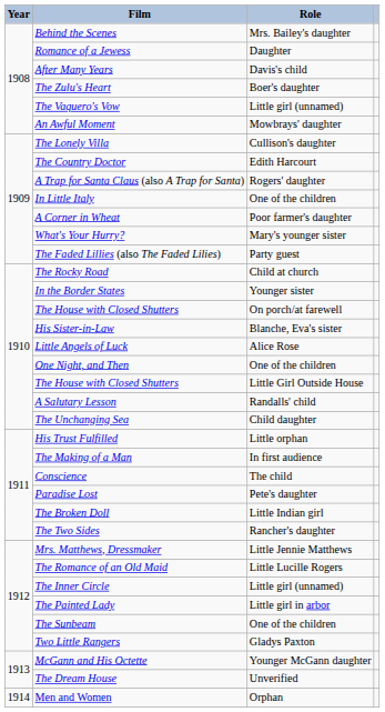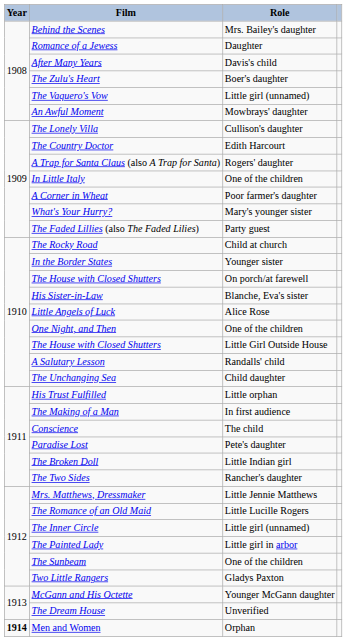 <table class="wikitable" style="font-size:90%;">
 <tr>
 <th style="background:#B0C4DE;">Year</th>
 <th style="background:#B0C4DE;">Film</th>
 <th style="background:#B0C4DE;">Role</th>
 <th style="background:#B0C4DE;"></th>
 </tr>
 <tr>
 <td rowspan=6>1908</td>
 <td><em><a href='#'>Behind the Scenes</a></em></td>
 <td>Mrs. Bailey's daughter</td>
 <td></td>
 </tr>
 <tr>
 <td><em><a href='#'>Romance of a Jewess</a></em></td>
 <td>Daughter</td>
 <td></td>
 </tr>
 <tr>
 <td><em><a href='#'>After Many Years</a></em></td>
 <td>Davis's child</td>
 <td></td>
 </tr>
 <tr>
 <td><em><a href='#'>The Zulu's Heart</a></em></td>
 <td>Boer's daughter</td>
 <td></td>
 </tr>
 <tr>
 <td><em><a href='#'>The Vaquero's Vow</a></em></td>
 <td>Little girl (unnamed)</td>
 <td></td>
 </tr>
 <tr>
 <td><em><a href='#'>An Awful Moment</a></em></td>
 <td>Mowbrays' daughter</td>
 <td></td>
 </tr>
 <tr>
 <td rowspan=7>1909</td>
 <td><em><a href='#'>The Lonely Villa</a></em></td>
 <td>Cullison's daughter</td>
 <td></td>
 </tr>
 <tr>
 <td><em><a href='#'>The Country Doctor</a></em></td>
 <td>Edith Harcourt</td>
 <td></td>
 </tr>
 <tr>
 <td><em><a href='#'>A Trap for Santa Claus</a></em> (also <em>A Trap for Santa</em>)</td>
 <td>Rogers' daughter</td>
 <td></td>
 </tr>
 <tr>
 <td><em><a href='#'>In Little Italy</a></em></td>
 <td>One of the children</td>
 <td></td>
 </tr>
 <tr>
 <td><em><a href='#'>A Corner in Wheat</a></em></td>
 <td>Poor farmer's daughter</td>
 <td></td>
 </tr>
 <tr>
 <td><em><a href='#'>What's Your Hurry?</a></em></td>
 <td>Mary's younger sister</td>
 <td></td>
 </tr>
 <tr>
 <td><em><a href='#'>The Faded Lillies</a></em> (also <em>The Faded Lilies</em>)</td>
 <td>Party guest</td>
 <td></td>
 </tr>
 <tr>
 <td rowspan=9>1910</td>
 <td><em><a href='#'>The Rocky Road</a></em></td>
 <td>Child at church</td>
 <td></td>
 </tr>
 <tr>
 <td><em><a href='#'>In the Border States</a></em></td>
 <td>Younger sister</td>
 <td></td>
 </tr>
 <tr>
 <td><em><a href='#'>The House with Closed Shutters</a></em></td>
 <td>On porch/at farewell</td>
 <td></td>
 </tr>
 <tr>
 <td><em><a href='#'>His Sister-in-Law</a></em></td>
 <td>Blanche, Eva's sister</td>
 <td></td>
 </tr>
 <tr>
 <td><em><a href='#'>Little Angels of Luck</a></em></td>
 <td>Alice Rose</td>
 <td></td>
 </tr>
 <tr>
 <td><em><a href='#'>One Night, and Then</a></em></td>
 <td>One of the children</td>
 <td></td>
 </tr>
 <tr>
 <td><em><a href='#'>The House with Closed Shutters</a></em></td>
 <td>Little Girl Outside House</td>
 <td></td>
 </tr>
 <tr>
 <td><em><a href='#'>A Salutary Lesson</a></em></td>
 <td>Randalls' child</td>
 <td></td>
 </tr>
 <tr>
 <td><em><a href='#'>The Unchanging Sea</a></em></td>
 <td>Child daughter</td>
 <td></td>
 </tr>
 <tr>
 <td rowspan=6>1911</td>
 <td><em><a href='#'>His Trust Fulfilled</a></em></td>
 <td>Little orphan</td>
 <td></td>
 </tr>
 <tr>
 <td><em><a href='#'>The Making of a Man</a></em></td>
 <td>In first audience</td>
 <td></td>
 </tr>
 <tr>
 <td><em><a href='#'>Conscience</a></em></td>
 <td>The child</td>
 <td></td>
 </tr>
 <tr>
 <td><em><a href='#'>Paradise Lost</a></em></td>
 <td>Pete's daughter</td>
 <td></td>
 </tr>
 <tr>
 <td><em><a href='#'>The Broken Doll</a></em></td>
 <td>Little Indian girl</td>
 <td></td>
 </tr>
 <tr>
 <td><em><a href='#'>The Two Sides</a></em></td>
 <td>Rancher's daughter</td>
 <td></td>
 </tr>
 <tr>
 <td rowspan=6>1912</td>
 <td><em><a href='#'>Mrs. Matthews, Dressmaker</a></em></td>
 <td>Little Jennie Matthews</td>
 <td></td>
 </tr>
 <tr>
 <td><em><a href='#'>The Romance of an Old Maid</a></em></td>
 <td>Little Lucille Rogers</td>
 <td></td>
 </tr>
 <tr>
 <td><em><a href='#'>The Inner Circle</a></em></td>
 <td>Little girl (unnamed)</td>
 <td></td>
 </tr>
 <tr>
 <td><em><a href='#'>The Painted Lady</a></em></td>
 <td>Little girl in <a href='#'>arbor</a></td>
 <td></td>
 </tr>
 <tr>
 <td><em><a href='#'>The Sunbeam</a></em></td>
 <td>One of the children</td>
 <td></td>
 </tr>
 <tr>
 <td><em><a href='#'>Two Little Rangers</a></em></td>
 <td>Gladys Paxton</td>
 <td></td>
 </tr>
 <tr>
 <td rowspan=2>1913</td>
 <td><em><a href='#'>McGann and His Octette</a></em></td>
 <td>Younger McGann daughter</td>
 <td></td>
 </tr>
 <tr>
 <td><em><a href='#'>The Dream House</a></em></td>
 <td>Unverified</td>
 <td></td>
 </tr>
 <tr>
-<td rowspan=1>1914</td>
+<td rowspan=1><strong>1914</strong></td>
 <td><em><a href='#'></em>Men and Women<em></a></em></td>
 <td>Orphan</td>
 <td></td>
 </tr>
 </table>
